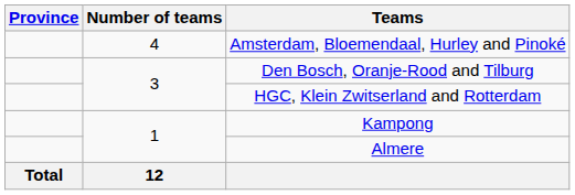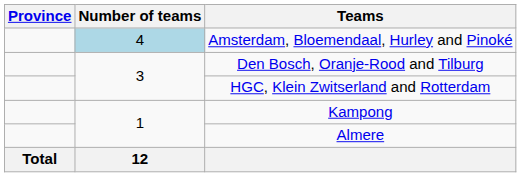 <table class="wikitable" style="text-align:center">
 <tr>
 <th><a href='#'>Province</a></th>
 <th>Number of teams</th>
 <th>Teams</th>
 </tr>
 <tr>
 <td align="left"></td>
-<td>4</td>
+<td style="background: lightblue;">4</td>
 <td><a href='#'>Amsterdam</a>, <a href='#'>Bloemendaal</a>, <a href='#'>Hurley</a> and <a href='#'>Pinoké</a></td>
 </tr>
 <tr>
 <td align="left"></td>
 <td rowspan=2>3</td>
 <td><a href='#'>Den Bosch</a>, <a href='#'>Oranje-Rood</a> and <a href='#'>Tilburg</a></td>
 </tr>
 <tr>
 <td align="left"></td>
 <td><a href='#'>HGC</a>, <a href='#'>Klein Zwitserland</a> and <a href='#'>Rotterdam</a></td>
 </tr>
 <tr>
 <td align="left"></td>
 <td rowspan=2>1</td>
 <td><a href='#'>Kampong</a></td>
 </tr>
 <tr>
 <td align="left"></td>
 <td><a href='#'>Almere</a></td>
 </tr>
 <tr>
 <th>Total</th>
 <th>12</th>
 <th></th>
 </tr>
 </table>
